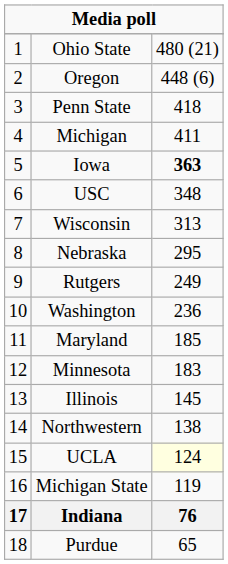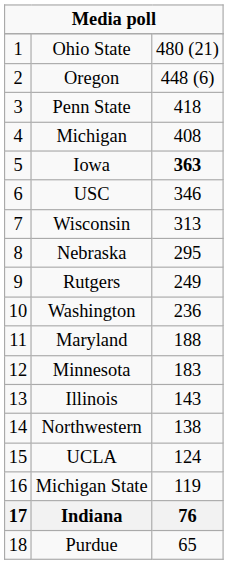 <table class="wikitable" style="display: inline-table;">
 <tr>
 <td style="text-align:center" Colspan="3"><strong>Media poll</strong></td>
 </tr>
 <tr style="text-align:center">
 </tr>
 <tr style="text-align:center">
 <td>1</td>
 <td>Ohio State</td>
 <td>480 (21)</td>
 </tr>
 <tr style="text-align:center">
 <td>2</td>
 <td>Oregon</td>
 <td>448 (6)</td>
 </tr>
 <tr style="text-align:center">
 <td>3</td>
 <td>Penn State</td>
 <td>418</td>
 </tr>
 <tr style="text-align:center">
 <td>4</td>
 <td>Michigan</td>
-<td>411</td>
+<td>408</td>
 </tr>
 <tr style="text-align:center">
 <td>5</td>
 <td>Iowa</td>
 <td><strong>363</strong></td>
 </tr>
 <tr style="text-align:center">
 <td>6</td>
 <td>USC</td>
-<td>348</td>
+<td>346</td>
 </tr>
 <tr style="text-align:center">
 <td>7</td>
 <td>Wisconsin</td>
 <td>313</td>
 </tr>
 <tr style="text-align:center">
 <td>8</td>
 <td>Nebraska</td>
 <td>295</td>
 </tr>
 <tr style="text-align:center">
 <td>9</td>
 <td>Rutgers</td>
 <td>249</td>
 </tr>
 <tr style="text-align:center">
 <td>10</td>
 <td>Washington</td>
 <td>236</td>
 </tr>
 <tr style="text-align:center">
 <td>11</td>
 <td>Maryland</td>
-<td>185</td>
+<td>188</td>
 </tr>
 <tr style="text-align:center">
 <td>12</td>
 <td>Minnesota</td>
 <td>183</td>
 </tr>
 <tr style="text-align:center">
 <td>13</td>
 <td>Illinois</td>
-<td>145</td>
+<td>143</td>
 </tr>
 <tr style="text-align:center">
 <td>14</td>
 <td>Northwestern</td>
 <td>138</td>
 </tr>
 <tr style="text-align:center">
 <td>15</td>
 <td>UCLA</td>
-<td style="background: lightyellow;">124</td>
+<td>124</td>
 </tr>
 <tr style="text-align:center">
 <td>16</td>
 <td>Michigan State</td>
 <td>119</td>
 </tr>
 <tr style="text-align:center">
 <th><strong>17</strong></th>
 <th><strong>Indiana</strong></th>
 <th><strong>76</strong></th>
 </tr>
 <tr style="text-align:center">
 <td>18</td>
 <td>Purdue</td>
 <td>65</td>
 </tr>
 </table>
